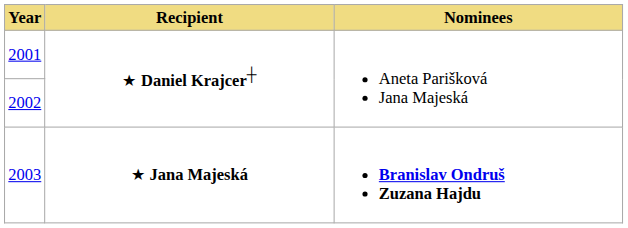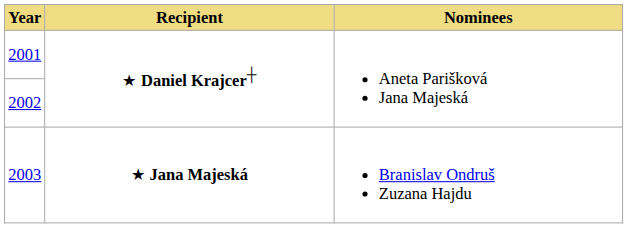 <table class=wikitable sortable style="background:white">
 <tr>
 <th style=background:#F0DC82>Year</th>
 <th style=background:#F0DC82 width=273>Recipient</th>
 <th style=background:#F0DC82 width=273>Nominees</th>
 </tr>
 <tr>
 <td><a href='#'>2001</a></td>
 <td align=center rowspan=2>★ <strong>Daniel Krajcer</strong><sup>┼</sup> <br></td>
 <td rowspan=2><br><ul><li>Aneta Parišková</li><li>Jana Majeská</li></ul></td>
 </tr>
 <tr>
 <td><a href='#'>2002</a></td>
 </tr>
 <tr>
 <td><a href='#'>2003</a></td>
 <td align=center>★ <strong>Jana Majeská</strong></td>
-<td><strong><br><ul><li><a href='#'>Branislav Ondruš</a></li><li>Zuzana Hajdu</li></ul></strong></td>
+<td><br><ul><li><a href='#'>Branislav Ondruš</a></li><li>Zuzana Hajdu</li></ul></td>
 </tr>
 </table>
